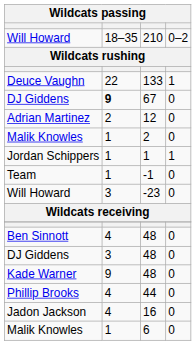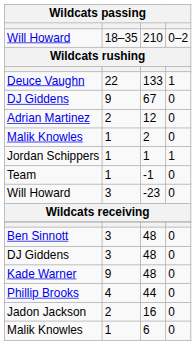 <table class="wikitable plainrowheaders">
 <tr>
 <th colspan="6">Wildcats passing</th>
 </tr>
 <tr>
 <th scope="col"></th>
 <th scope="col"></th>
 <th scope="col"></th>
 <th scope="col"></th>
 </tr>
 <tr>
 <td><a href='#'>Will Howard</a></td>
 <td>18–35</td>
 <td>210</td>
 <td>0–2</td>
 </tr>
 <tr>
 <th colspan="6">Wildcats rushing</th>
 </tr>
 <tr>
 <th scope="col"></th>
 <th scope="col"></th>
 <th scope="col"></th>
 <th scope="col"></th>
 </tr>
 <tr>
 <td><a href='#'>Deuce Vaughn</a></td>
 <td>22</td>
 <td>133</td>
 <td>1</td>
 </tr>
 <tr>
 <td><a href='#'>DJ Giddens</a></td>
-<td><strong>9</strong></td>
+<td>9</td>
 <td>67</td>
 <td>0</td>
 </tr>
 <tr>
 <td><a href='#'>Adrian Martinez</a></td>
 <td>2</td>
 <td>12</td>
 <td>0</td>
 </tr>
 <tr>
 <td><a href='#'>Malik Knowles</a></td>
 <td>1</td>
 <td>2</td>
 <td>0</td>
 </tr>
 <tr>
 <td>Jordan Schippers</td>
 <td>1</td>
 <td>1</td>
 <td>1</td>
 </tr>
 <tr>
 <td>Team</td>
 <td>1</td>
 <td>-1</td>
 <td>0</td>
 </tr>
 <tr>
 <td>Will Howard</td>
 <td>3</td>
 <td>-23</td>
 <td>0</td>
 </tr>
 <tr>
 <th colspan="6">Wildcats receiving</th>
 </tr>
 <tr>
 </tr>
 <tr>
 <th scope="col"></th>
 <th scope="col"></th>
 <th scope="col"></th>
 <th scope="col"></th>
 </tr>
 <tr>
 <td><a href='#'>Ben Sinnott</a></td>
-<td>4</td>
+<td>3</td>
 <td>48</td>
 <td>0</td>
 </tr>
 <tr>
 <td>DJ Giddens</td>
 <td>3</td>
 <td>48</td>
 <td>0</td>
 </tr>
 <tr>
 <td><a href='#'>Kade Warner</a></td>
 <td>9</td>
 <td>48</td>
 <td>0</td>
 </tr>
 <tr>
 <td><a href='#'>Phillip Brooks</a></td>
 <td>4</td>
 <td>44</td>
 <td>0</td>
 </tr>
 <tr>
 <td>Jadon Jackson</td>
-<td>4</td>
+<td>2</td>
 <td>16</td>
 <td>0</td>
 </tr>
 <tr>
 <td>Malik Knowles</td>
 <td>1</td>
 <td>6</td>
 <td>0</td>
 </tr>
 </table>
